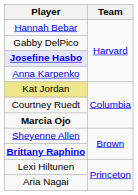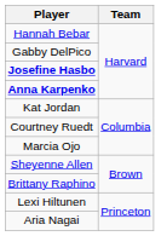 <table class="wikitable" style="text-align:center">
 <tr>
 <th>Player</th>
 <th>Team</th>
 </tr>
 <tr>
 <td><a href='#'>Hannah Bebar</a></td>
 <td rowspan=4><a href='#'>Harvard</a></td>
 </tr>
 <tr>
 <td>Gabby DelPico</td>
 </tr>
 <tr>
-<td style="background: lavender;"><strong><a href='#'>Josefine Hasbo</a></strong></td>
+<td><strong><a href='#'>Josefine Hasbo</a></strong></td>
 </tr>
 <tr>
-<td><a href='#'>Anna Karpenko</a></td>
+<td><strong><a href='#'>Anna Karpenko</a></strong></td>
 </tr>
 <tr>
-<td style="background: khaki;">Kat Jordan</td>
+<td>Kat Jordan</td>
 <td rowspan=3><a href='#'>Columbia</a></td>
 </tr>
 <tr>
 <td>Courtney Ruedt</td>
 </tr>
 <tr>
-<td><strong>Marcia Ojo</strong></td>
+<td>Marcia Ojo</td>
 </tr>
 <tr>
 <td><a href='#'>Sheyenne Allen</a></td>
 <td rowspan=2><a href='#'>Brown</a></td>
 </tr>
 <tr>
-<td><strong><a href='#'>Brittany Raphino</a></strong></td>
+<td><a href='#'>Brittany Raphino</a></td>
 </tr>
 <tr>
 <td>Lexi Hiltunen</td>
 <td rowspan=2><a href='#'>Princeton</a></td>
 </tr>
 <tr>
 <td>Aria Nagai</td>
 </tr>
 </table>
